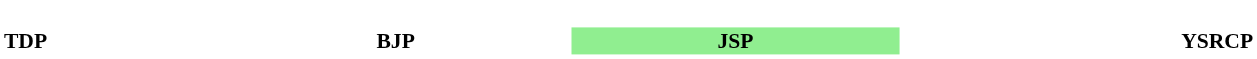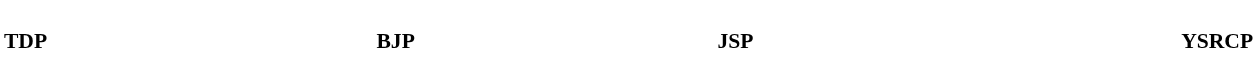 <table style="width:100%; text-align:center;">
 <tr style="color:white;">
 <td style="background:"><span><strong>16</strong></span></td>
 <td style="background:"><strong>3</strong></td>
 <td style="background:"><strong>2</strong></td>
 <td style="background:"><strong>4</strong></td>
 </tr>
 <tr>
 <td><span><strong>TDP</strong></span></td>
 <td><span><strong>BJP</strong></span></td>
-<td style="background: lightgreen;"><span><strong>JSP</strong></span></td>
+<td><span><strong>JSP</strong></span></td>
 <td><span><strong>YSRCP</strong></span></td>
 </tr>
 </table>
